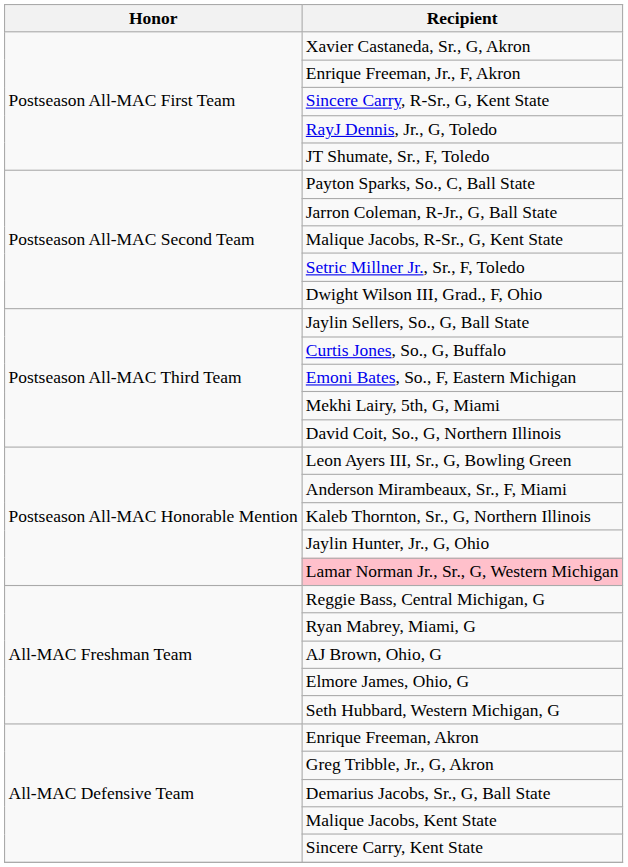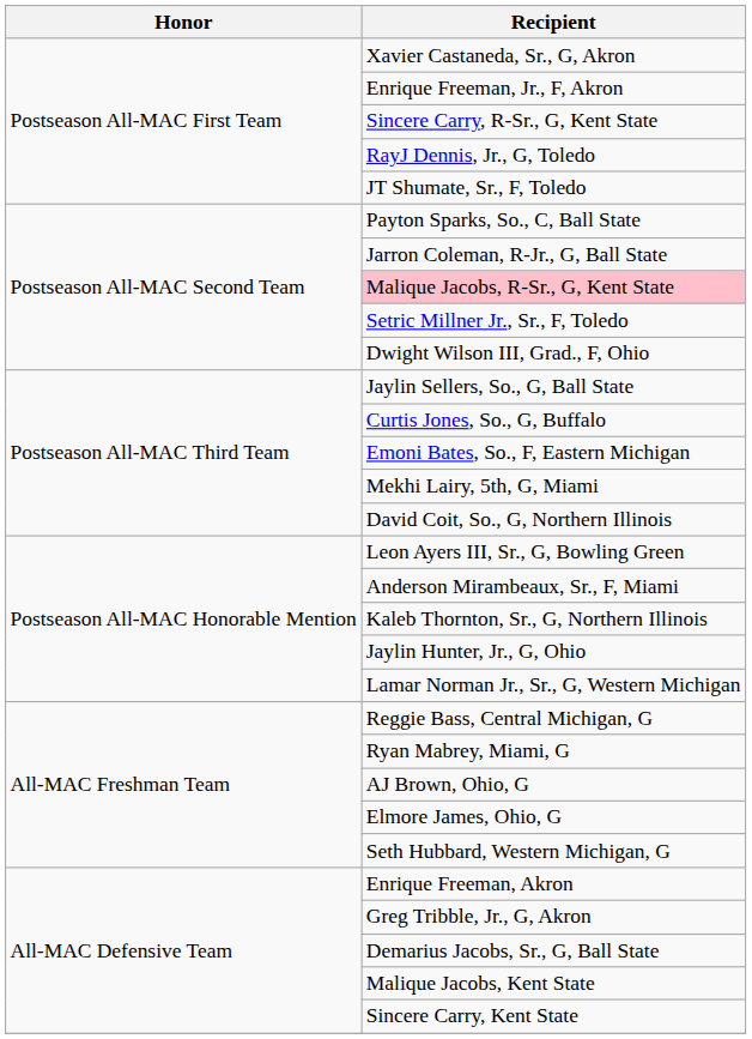 <table class="wikitable" border="1">
 <tr>
 <th>Honor</th>
 <th>Recipient</th>
 </tr>
 <tr>
 <td rowspan=5 valign=middle>Postseason All-MAC First Team</td>
 <td>Xavier Castaneda, Sr., G, Akron</td>
 </tr>
 <tr>
 <td>Enrique Freeman, Jr., F, Akron</td>
 </tr>
 <tr>
 <td><a href='#'>Sincere Carry</a>, R-Sr., G, Kent State</td>
 </tr>
 <tr>
 <td><a href='#'>RayJ Dennis</a>, Jr., G, Toledo</td>
 </tr>
 <tr>
 <td>JT Shumate, Sr., F, Toledo</td>
 </tr>
 <tr>
 <td rowspan=5 valign=middle>Postseason All-MAC Second Team</td>
 <td>Payton Sparks, So., C, Ball State</td>
 </tr>
 <tr>
 <td>Jarron Coleman, R-Jr., G, Ball State</td>
 </tr>
 <tr>
-<td>Malique Jacobs, R-Sr., G, Kent State</td>
+<td style="background: pink;">Malique Jacobs, R-Sr., G, Kent State</td>
 </tr>
 <tr>
 <td><a href='#'>Setric Millner Jr.</a>, Sr., F, Toledo</td>
 </tr>
 <tr>
 <td>Dwight Wilson III, Grad., F, Ohio</td>
 </tr>
 <tr>
 <td rowspan=5 valign=middle>Postseason All-MAC Third Team</td>
 <td>Jaylin Sellers, So., G, Ball State</td>
 </tr>
 <tr>
 <td><a href='#'>Curtis Jones</a>, So., G, Buffalo</td>
 </tr>
 <tr>
 <td><a href='#'>Emoni Bates</a>, So., F, Eastern Michigan</td>
 </tr>
 <tr>
 <td>Mekhi Lairy, 5th, G, Miami</td>
 </tr>
 <tr>
 <td>David Coit, So., G, Northern Illinois</td>
 </tr>
 <tr>
 <td rowspan=5 valign=middle>Postseason All-MAC Honorable Mention</td>
 <td>Leon Ayers III, Sr., G, Bowling Green</td>
 </tr>
 <tr>
 <td>Anderson Mirambeaux, Sr., F, Miami</td>
 </tr>
 <tr>
 <td>Kaleb Thornton, Sr., G, Northern Illinois</td>
 </tr>
 <tr>
 <td>Jaylin Hunter, Jr., G, Ohio</td>
 </tr>
 <tr>
-<td style="background: pink;">Lamar Norman Jr., Sr., G, Western Michigan</td>
+<td>Lamar Norman Jr., Sr., G, Western Michigan</td>
 </tr>
 <tr>
 <td rowspan=5 valign=middle>All-MAC Freshman Team</td>
 <td>Reggie Bass, Central Michigan, G</td>
 </tr>
 <tr>
 <td>Ryan Mabrey, Miami, G</td>
 </tr>
 <tr>
 <td>AJ Brown, Ohio, G</td>
 </tr>
 <tr>
 <td>Elmore James, Ohio, G</td>
 </tr>
 <tr>
 <td>Seth Hubbard, Western Michigan, G</td>
 </tr>
 <tr>
 <td rowspan=5 valign=middle>All-MAC Defensive Team</td>
 <td>Enrique Freeman, Akron</td>
 </tr>
 <tr>
 <td>Greg Tribble, Jr., G, Akron</td>
 </tr>
 <tr>
 <td>Demarius Jacobs, Sr., G, Ball State</td>
 </tr>
 <tr>
 <td>Malique Jacobs, Kent State</td>
 </tr>
 <tr>
 <td>Sincere Carry, Kent State</td>
 </tr>
 <tr>
 </tr>
 </table>
